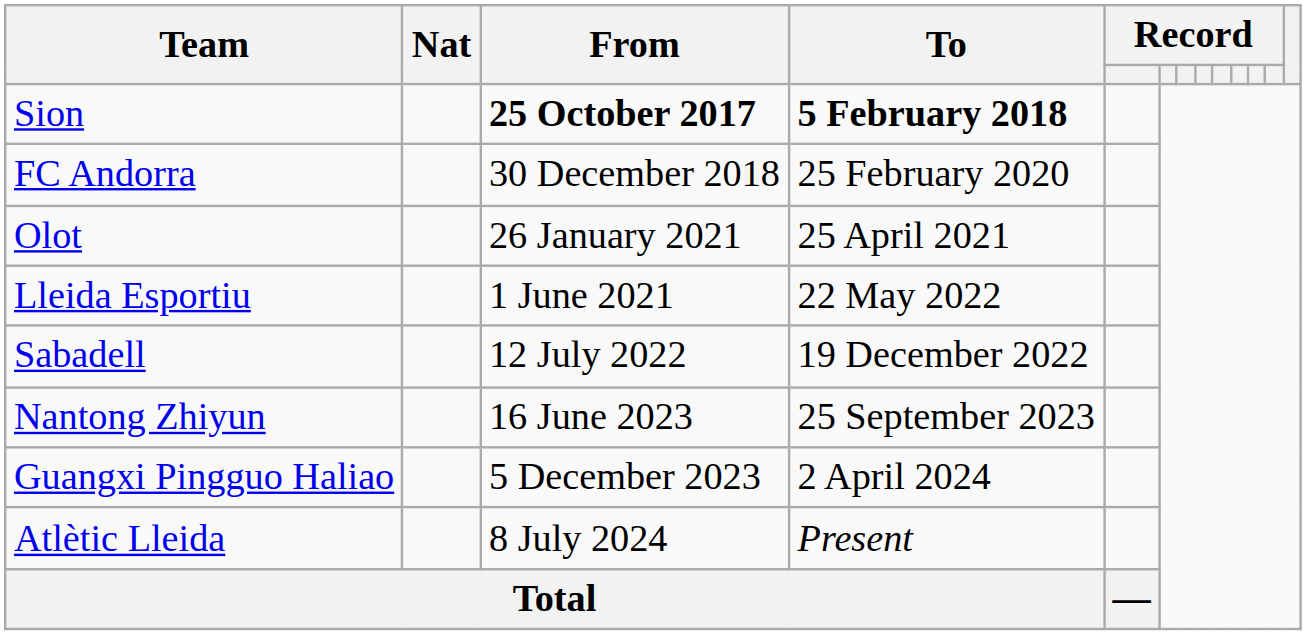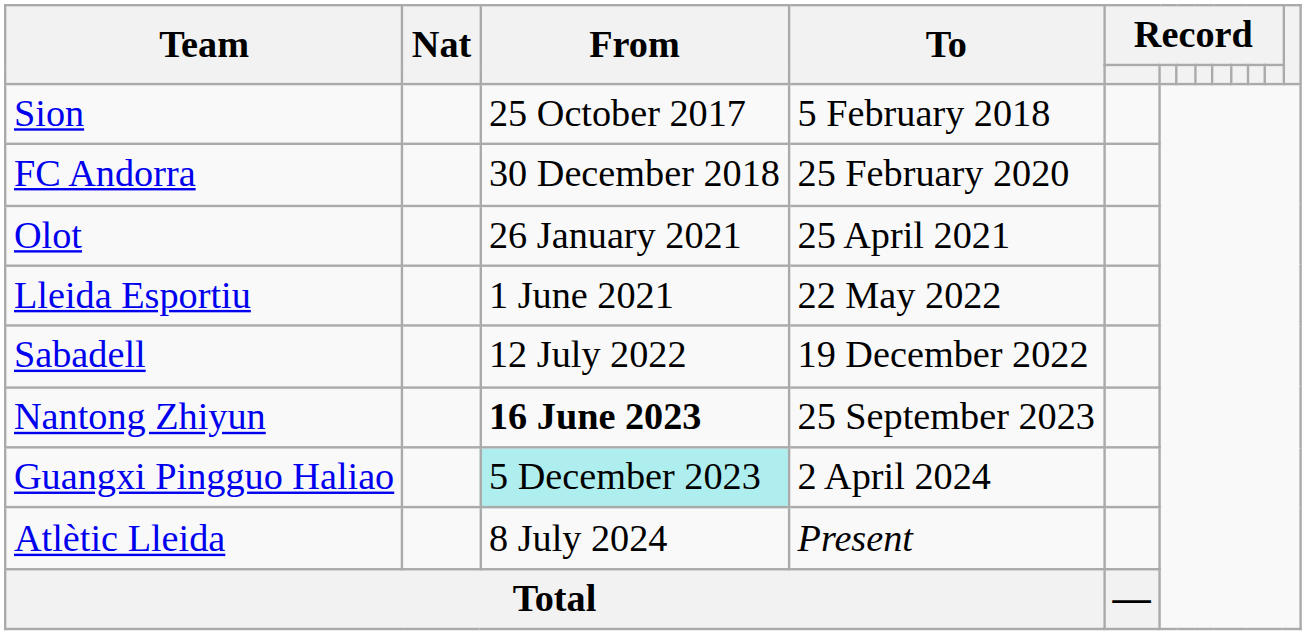 <table class="wikitable" style="text-align: center">
 <tr>
 <th rowspan="2">Team</th>
 <th rowspan="2">Nat</th>
 <th rowspan="2">From</th>
 <th rowspan="2">To</th>
 <th colspan="8">Record</th>
 <th rowspan=2></th>
 </tr>
 <tr>
 <th></th>
 <th></th>
 <th></th>
 <th></th>
 <th></th>
 <th></th>
 <th></th>
 <th></th>
 </tr>
 <tr>
 <td align=left><a href='#'>Sion</a></td>
 <td></td>
-<td align=left><strong>25 October 2017</strong></td>
-<td align=left><strong>5 February 2018<br></strong></td>
+<td align=left>25 October 2017</td>
+<td align=left>5 February 2018<br></td>
 <td></td>
 </tr>
 <tr>
 <td align=left><a href='#'>FC Andorra</a></td>
 <td></td>
 <td align=left>30 December 2018</td>
 <td align=left>25 February 2020<br></td>
 <td></td>
 </tr>
 <tr>
 <td align=left><a href='#'>Olot</a></td>
 <td></td>
 <td align=left>26 January 2021</td>
 <td align=left>25 April 2021<br></td>
 <td></td>
 </tr>
 <tr>
 <td align=left><a href='#'>Lleida Esportiu</a></td>
 <td></td>
 <td align=left>1 June 2021</td>
 <td align=left>22 May 2022<br></td>
 <td></td>
 </tr>
 <tr>
 <td align=left><a href='#'>Sabadell</a></td>
 <td></td>
 <td align=left>12 July 2022</td>
 <td align=left>19 December 2022<br></td>
 <td></td>
 </tr>
 <tr>
 <td align=left><a href='#'>Nantong Zhiyun</a></td>
 <td></td>
-<td align=left>16 June 2023</td>
+<td align=left><strong>16 June 2023</strong></td>
 <td align=left>25 September 2023<br></td>
 <td></td>
 </tr>
 <tr>
 <td align=left><a href='#'>Guangxi Pingguo Haliao</a></td>
 <td></td>
-<td align=left>5 December 2023</td>
+<td align=left style="background: paleturquoise;">5 December 2023</td>
 <td align=left>2 April 2024<br></td>
 <td></td>
 </tr>
 <tr>
 <td align=left><a href='#'>Atlètic Lleida</a></td>
 <td></td>
 <td align=left>8 July 2024</td>
 <td align=left><em>Present</em><br></td>
 <td></td>
 </tr>
 <tr>
 <th colspan="4">Total<br></th>
 <th>—</th>
 </tr>
 </table>
